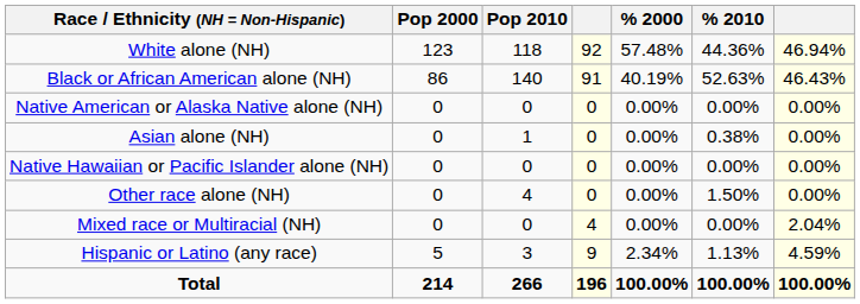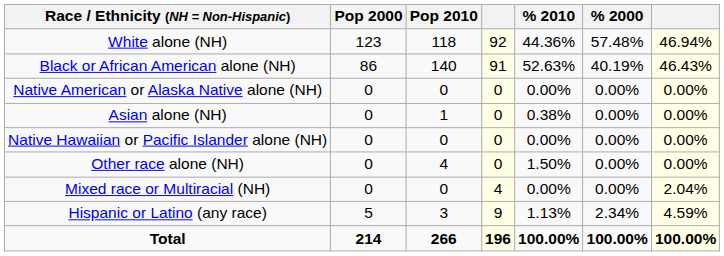 <table class="wikitable" style="text-align:center;">
 <tr>
 <th>Race / Ethnicity <small>(<em>NH = Non-Hispanic</em>)</small></th>
 <th>Pop 2000</th>
 <th>Pop 2010</th>
 <th></th>
+<th>% 2010</th>
 <th>% 2000</th>
-<th>% 2010</th>
 <th></th>
 </tr>
 <tr>
 <td><a href='#'>White</a> alone (NH)</td>
 <td>123</td>
 <td>118</td>
 <td style='background: #ffffe6;'>92</td>
+<td>44.36%</td>
 <td>57.48%</td>
-<td>44.36%</td>
 <td style='background: #ffffe6;'>46.94%</td>
 </tr>
 <tr>
 <td><a href='#'>Black or African American</a> alone (NH)</td>
 <td>86</td>
 <td>140</td>
 <td style='background: #ffffe6;'>91</td>
+<td>52.63%</td>
 <td>40.19%</td>
-<td>52.63%</td>
 <td style='background: #ffffe6;'>46.43%</td>
 </tr>
 <tr>
 <td><a href='#'>Native American</a> or <a href='#'>Alaska Native</a> alone (NH)</td>
 <td>0</td>
 <td>0</td>
 <td style='background: #ffffe6;'>0</td>
 <td>0.00%</td>
 <td>0.00%</td>
 <td style='background: #ffffe6;'>0.00%</td>
 </tr>
 <tr>
 <td><a href='#'>Asian</a> alone (NH)</td>
 <td>0</td>
 <td>1</td>
 <td style='background: #ffffe6;'>0</td>
+<td>0.38%</td>
 <td>0.00%</td>
-<td>0.38%</td>
 <td style='background: #ffffe6;'>0.00%</td>
 </tr>
 <tr>
 <td><a href='#'>Native Hawaiian</a> or <a href='#'>Pacific Islander</a> alone (NH)</td>
 <td>0</td>
 <td>0</td>
 <td style='background: #ffffe6;'>0</td>
 <td>0.00%</td>
 <td>0.00%</td>
 <td style='background: #ffffe6;'>0.00%</td>
 </tr>
 <tr>
 <td><a href='#'>Other race</a> alone (NH)</td>
 <td>0</td>
 <td>4</td>
 <td style='background: #ffffe6;'>0</td>
+<td>1.50%</td>
 <td>0.00%</td>
-<td>1.50%</td>
 <td style='background: #ffffe6;'>0.00%</td>
 </tr>
 <tr>
 <td><a href='#'>Mixed race or Multiracial</a> (NH)</td>
 <td>0</td>
 <td>0</td>
 <td style='background: #ffffe6;'>4</td>
 <td>0.00%</td>
 <td>0.00%</td>
 <td style='background: #ffffe6;'>2.04%</td>
 </tr>
 <tr>
 <td><a href='#'>Hispanic or Latino</a> (any race)</td>
 <td>5</td>
 <td>3</td>
 <td style='background: #ffffe6;'>9</td>
+<td>1.13%</td>
 <td>2.34%</td>
-<td>1.13%</td>
 <td style='background: #ffffe6;'>4.59%</td>
 </tr>
 <tr>
 <td><strong>Total</strong></td>
 <td><strong>214</strong></td>
 <td><strong>266</strong></td>
 <td style='background: #ffffe6;'><strong>196</strong></td>
 <td><strong>100.00%</strong></td>
 <td><strong>100.00%</strong></td>
 <td style='background: #ffffe6;'><strong>100.00%</strong></td>
 </tr>
 </table>
